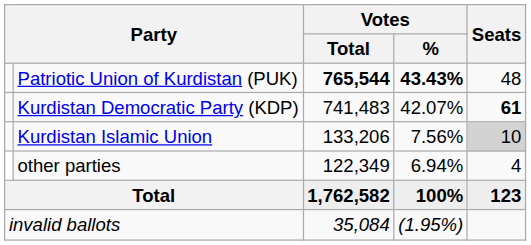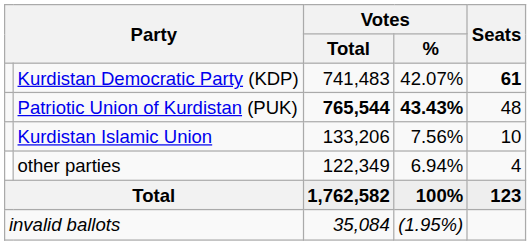 <table class="wikitable sortable" style="font-size:95%">
 <tr style="background-color:#EEE;">
 <th colspan="2" rowspan="2" class="unsortable">Party</th>
 <th colspan="2">Votes</th>
 <th rowspan="2">Seats</th>
 </tr>
 <tr style="background-color:#EEE;">
 <th>Total</th>
 <th>%</th>
 </tr>
 <tr>
 <td></td>
+<td><a href='#'>Kurdistan Democratic Party</a> (KDP)</td>
+<td align="right">741,483</td>
+<td align="right">42.07%</td>
+<td align="right"><strong>61</strong></td>
+</tr>
+<tr>
+<td></td>
 <td><a href='#'>Patriotic Union of Kurdistan</a> (PUK)</td>
 <td align="right"><strong>765,544</strong></td>
 <td align="right"><strong>43.43%</strong></td>
 <td align="right">48</td>
 </tr>
 <tr>
 <td></td>
-<td><a href='#'>Kurdistan Democratic Party</a> (KDP)</td>
-<td align="right">741,483</td>
-<td align="right">42.07%</td>
-<td align="right"><strong>61</strong></td>
-</tr>
-<tr>
-<td></td>
 <td><a href='#'>Kurdistan Islamic Union</a></td>
 <td align="right">133,206</td>
 <td align="right">7.56%</td>
-<td align="right" style="background: lightgrey;">10</td>
+<td align="right">10</td>
 </tr>
 <tr>
 <td bgcolor="#fff"></td>
 <td>other parties</td>
 <td align="right">122,349</td>
 <td align="right">6.94%</td>
 <td align="right">4</td>
 </tr>
 <tr class="sortbottom" bgcolor="#EEE">
 <th colspan=2>Total</th>
 <td align="right"><strong>1,762,582</strong></td>
 <td align="right"><strong>100%</strong></td>
 <td align="right"><strong>123</strong></td>
 </tr>
 <tr class="sortbottom">
 <td colspan=2><em>invalid ballots</em></td>
 <td align="right"><em>35,084</em></td>
 <td align="right"><em>(1.95%)</em></td>
 <td align="right"></td>
 </tr>
 </table>
